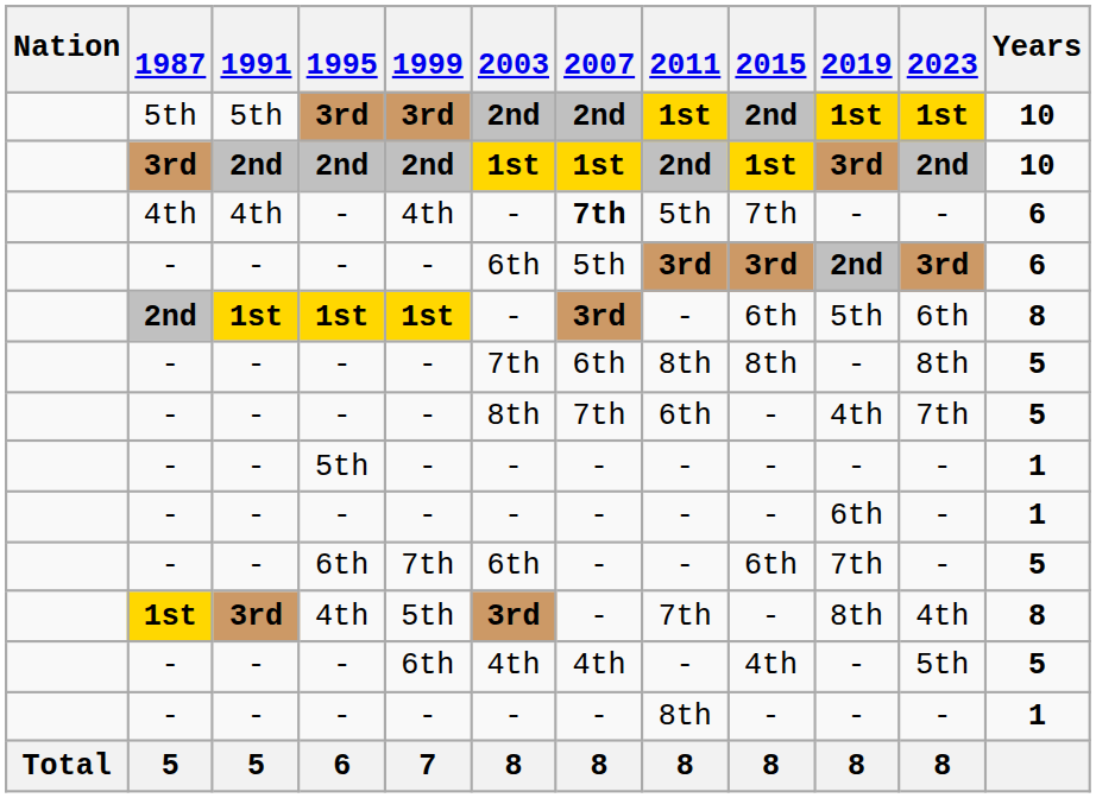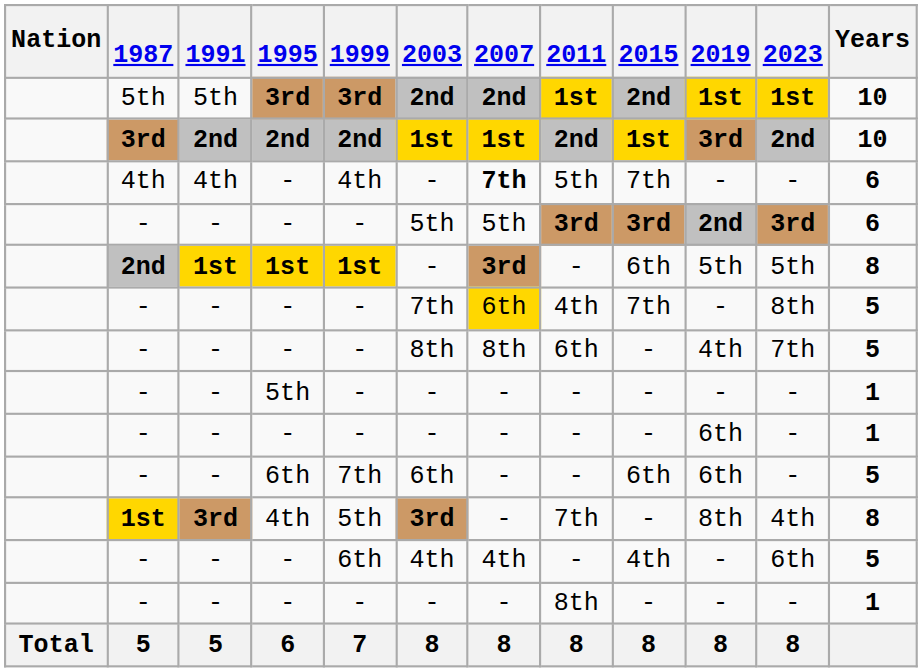 <table class="wikitable" style="text-align:center; font-size:90%">
 <tr>
 <th>Nation</th>
 <th><br><a href='#'>1987</a></th>
 <th><br><a href='#'>1991</a></th>
 <th><br><a href='#'>1995</a></th>
 <th><br><a href='#'>1999</a></th>
 <th><br><a href='#'>2003</a></th>
 <th><br><a href='#'>2007</a></th>
 <th><br><a href='#'>2011</a></th>
 <th><br><a href='#'>2015</a></th>
 <th><br><a href='#'>2019</a></th>
 <th><br><a href='#'>2023</a></th>
 <th>Years</th>
 </tr>
 <tr>
 <td align=left></td>
 <td>5th</td>
 <td>5th</td>
 <td bgcolor=#cc9966><strong>3rd</strong></td>
 <td bgcolor=#cc9966><strong>3rd</strong></td>
 <td bgcolor=silver><strong>2nd</strong></td>
 <td bgcolor=silver><strong>2nd</strong></td>
 <td bgcolor=gold><strong>1st</strong></td>
 <td bgcolor=silver><strong>2nd</strong></td>
 <td bgcolor=gold><strong>1st</strong></td>
 <td bgcolor=gold><strong>1st</strong></td>
 <td><strong>10</strong></td>
 </tr>
 <tr>
 <td align=left></td>
 <td bgcolor=#cc9966><strong>3rd</strong></td>
 <td bgcolor=silver><strong>2nd</strong></td>
 <td bgcolor=silver><strong>2nd</strong></td>
 <td bgcolor=silver><strong>2nd</strong></td>
 <td bgcolor=gold><strong>1st</strong></td>
 <td bgcolor=gold><strong>1st</strong></td>
 <td bgcolor=silver><strong>2nd</strong></td>
 <td bgcolor=gold><strong>1st</strong></td>
 <td bgcolor=#cc9966><strong>3rd</strong></td>
 <td bgcolor=silver><strong>2nd</strong></td>
 <td><strong>10</strong></td>
 </tr>
 <tr>
 <td align=left></td>
 <td>4th</td>
 <td>4th</td>
 <td>-</td>
 <td>4th</td>
 <td>-</td>
 <td><strong>7th</strong></td>
 <td>5th</td>
 <td>7th</td>
 <td>-</td>
 <td>-</td>
 <td><strong>6</strong></td>
 </tr>
 <tr>
 <td align=left></td>
 <td>-</td>
 <td>-</td>
 <td>-</td>
 <td>-</td>
-<td>6th</td>
+<td>5th</td>
 <td>5th</td>
 <td bgcolor=#cc9966><strong>3rd</strong></td>
 <td bgcolor=#cc9966><strong>3rd</strong></td>
 <td bgcolor=silver><strong>2nd</strong></td>
 <td bgcolor=#cc9966><strong>3rd</strong></td>
 <td><strong>6</strong></td>
 </tr>
 <tr>
 <td align=left></td>
 <td bgcolor=silver><strong>2nd</strong></td>
 <td bgcolor=gold><strong>1st</strong></td>
 <td bgcolor=gold><strong>1st</strong></td>
 <td bgcolor=gold><strong>1st</strong></td>
 <td>-</td>
 <td bgcolor=#cc9966><strong>3rd</strong></td>
 <td>-</td>
 <td>6th</td>
 <td>5th</td>
-<td>6th</td>
+<td>5th</td>
 <td><strong>8</strong></td>
 </tr>
 <tr>
 <td align=left></td>
 <td>-</td>
 <td>-</td>
 <td>-</td>
 <td>-</td>
 <td>7th</td>
-<td>6th</td>
-<td>8th</td>
-<td>8th</td>
+<td style="background: gold;">6th</td>
+<td>4th</td>
+<td>7th</td>
 <td>-</td>
 <td>8th</td>
 <td><strong>5</strong></td>
 </tr>
 <tr>
 <td align=left></td>
 <td>-</td>
 <td>-</td>
 <td>-</td>
 <td>-</td>
 <td>8th</td>
-<td>7th</td>
+<td>8th</td>
 <td>6th</td>
 <td>-</td>
 <td>4th</td>
 <td>7th</td>
 <td><strong>5</strong></td>
 </tr>
 <tr>
 <td align=left></td>
 <td>-</td>
 <td>-</td>
 <td>5th</td>
 <td>-</td>
 <td>-</td>
 <td>-</td>
 <td>-</td>
 <td>-</td>
 <td>-</td>
 <td>-</td>
 <td><strong>1</strong></td>
 </tr>
 <tr>
 <td align=left></td>
 <td>-</td>
 <td>-</td>
 <td>-</td>
 <td>-</td>
 <td>-</td>
 <td>-</td>
 <td>-</td>
 <td>-</td>
 <td>6th</td>
 <td>-</td>
 <td><strong>1</strong></td>
 </tr>
 <tr>
 <td align=left></td>
 <td>-</td>
 <td>-</td>
 <td>6th</td>
 <td>7th</td>
 <td>6th</td>
 <td>-</td>
 <td>-</td>
 <td>6th</td>
-<td>7th</td>
+<td>6th</td>
 <td>-</td>
 <td><strong>5</strong></td>
 </tr>
 <tr>
 <td align=left></td>
 <td bgcolor=gold><strong>1st</strong></td>
 <td bgcolor=#cc9966><strong>3rd</strong></td>
 <td>4th</td>
 <td>5th</td>
 <td bgcolor=#cc9966><strong>3rd</strong></td>
 <td>-</td>
 <td>7th</td>
 <td>-</td>
 <td>8th</td>
 <td>4th</td>
 <td><strong>8</strong></td>
 </tr>
 <tr>
 <td align=left></td>
 <td>-</td>
 <td>-</td>
 <td>-</td>
 <td>6th</td>
 <td>4th</td>
 <td>4th</td>
 <td>-</td>
 <td>4th</td>
 <td>-</td>
-<td>5th</td>
+<td>6th</td>
 <td><strong>5</strong></td>
 </tr>
 <tr>
 <td align=left></td>
 <td>-</td>
 <td>-</td>
 <td>-</td>
 <td>-</td>
 <td>-</td>
 <td>-</td>
 <td>8th</td>
 <td>-</td>
 <td>-</td>
 <td>-</td>
 <td><strong>1</strong></td>
 </tr>
 <tr>
 <th>Total</th>
 <th>5</th>
 <th>5</th>
 <th>6</th>
 <th>7</th>
 <th>8</th>
 <th>8</th>
 <th>8</th>
 <th>8</th>
 <th>8</th>
 <th>8</th>
 <th></th>
 </tr>
 </table>
